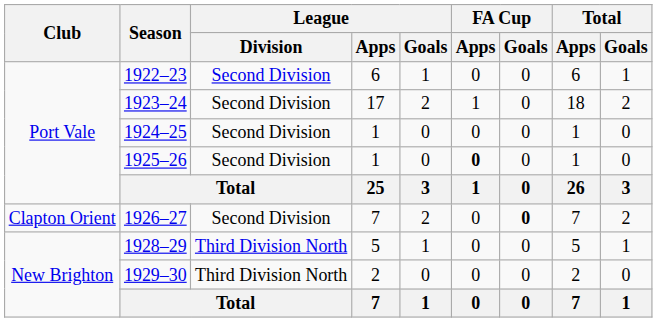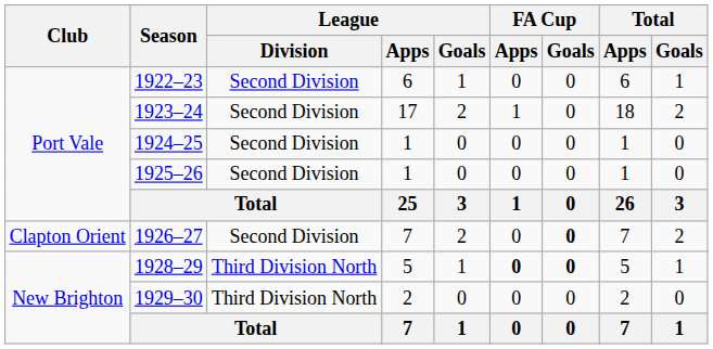 <table class="wikitable" style="text-align: center;">
 <tr>
 <th rowspan="2">Club</th>
 <th rowspan="2">Season</th>
 <th colspan="3">League</th>
 <th colspan="2">FA Cup</th>
 <th colspan="2">Total</th>
 </tr>
 <tr>
 <th>Division</th>
 <th>Apps</th>
 <th>Goals</th>
 <th>Apps</th>
 <th>Goals</th>
 <th>Apps</th>
 <th>Goals</th>
 </tr>
 <tr>
 <td rowspan="5"><a href='#'>Port Vale</a></td>
 <td><a href='#'>1922–23</a></td>
 <td><a href='#'>Second Division</a></td>
 <td>6</td>
 <td>1</td>
 <td>0</td>
 <td>0</td>
 <td>6</td>
 <td>1</td>
 </tr>
 <tr>
 <td><a href='#'>1923–24</a></td>
 <td>Second Division</td>
 <td>17</td>
 <td>2</td>
 <td>1</td>
 <td>0</td>
 <td>18</td>
 <td>2</td>
 </tr>
 <tr>
 <td><a href='#'>1924–25</a></td>
 <td>Second Division</td>
 <td>1</td>
 <td>0</td>
 <td>0</td>
 <td>0</td>
 <td>1</td>
 <td>0</td>
 </tr>
 <tr>
 <td><a href='#'>1925–26</a></td>
 <td>Second Division</td>
 <td>1</td>
 <td>0</td>
-<td><strong>0</strong></td>
+<td>0</td>
 <td>0</td>
 <td>1</td>
 <td>0</td>
 </tr>
 <tr>
 <th colspan="2">Total</th>
 <th>25</th>
 <th>3</th>
 <th>1</th>
 <th>0</th>
 <th>26</th>
 <th>3</th>
 </tr>
 <tr>
 <td><a href='#'>Clapton Orient</a></td>
 <td><a href='#'>1926–27</a></td>
 <td>Second Division</td>
 <td>7</td>
 <td>2</td>
 <td>0</td>
 <td><strong>0</strong></td>
 <td>7</td>
 <td>2</td>
 </tr>
 <tr>
 <td rowspan="3"><a href='#'>New Brighton</a></td>
 <td><a href='#'>1928–29</a></td>
 <td><a href='#'>Third Division North</a></td>
 <td>5</td>
 <td>1</td>
-<td>0</td>
-<td>0</td>
+<td><strong>0</strong></td>
+<td><strong>0</strong></td>
 <td>5</td>
 <td>1</td>
 </tr>
 <tr>
 <td><a href='#'>1929–30</a></td>
 <td>Third Division North</td>
 <td>2</td>
 <td>0</td>
 <td>0</td>
 <td>0</td>
 <td>2</td>
 <td>0</td>
 </tr>
 <tr>
 <th colspan="2">Total</th>
 <th>7</th>
 <th>1</th>
 <th>0</th>
 <th>0</th>
 <th>7</th>
 <th>1</th>
 </tr>
 </table>
